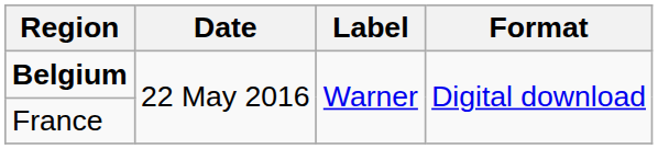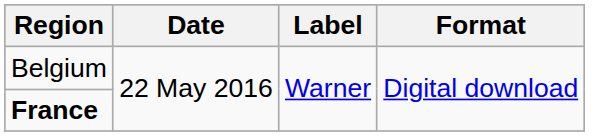 <table class="wikitable plainrowheaders">
 <tr>
 <th scope="col">Region</th>
 <th scope="col">Date</th>
 <th scope="col">Label</th>
 <th scope="col">Format</th>
 </tr>
 <tr>
-<td><strong>Belgium</strong></td>
+<td>Belgium</td>
 <td rowspan="2">22 May 2016</td>
 <td rowspan="2"><a href='#'>Warner</a></td>
 <td rowspan="2"><a href='#'>Digital download</a></td>
 </tr>
 <tr>
-<td>France</td>
+<td><strong>France</strong></td>
 </tr>
 </table>
